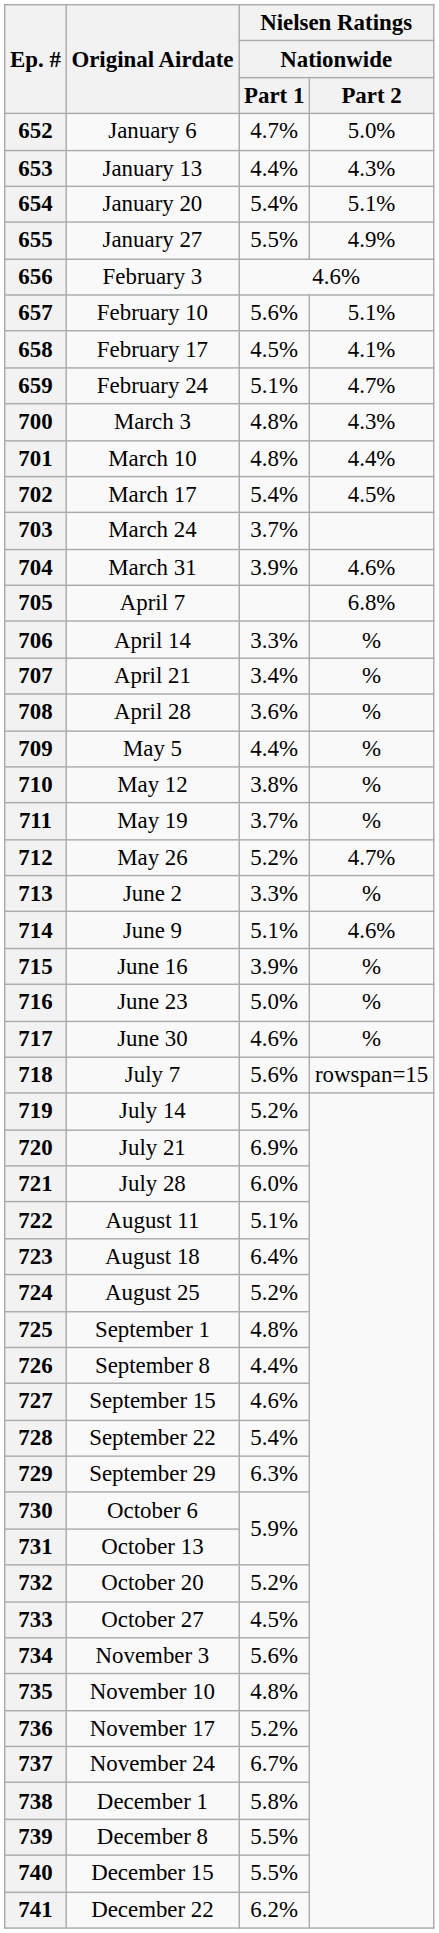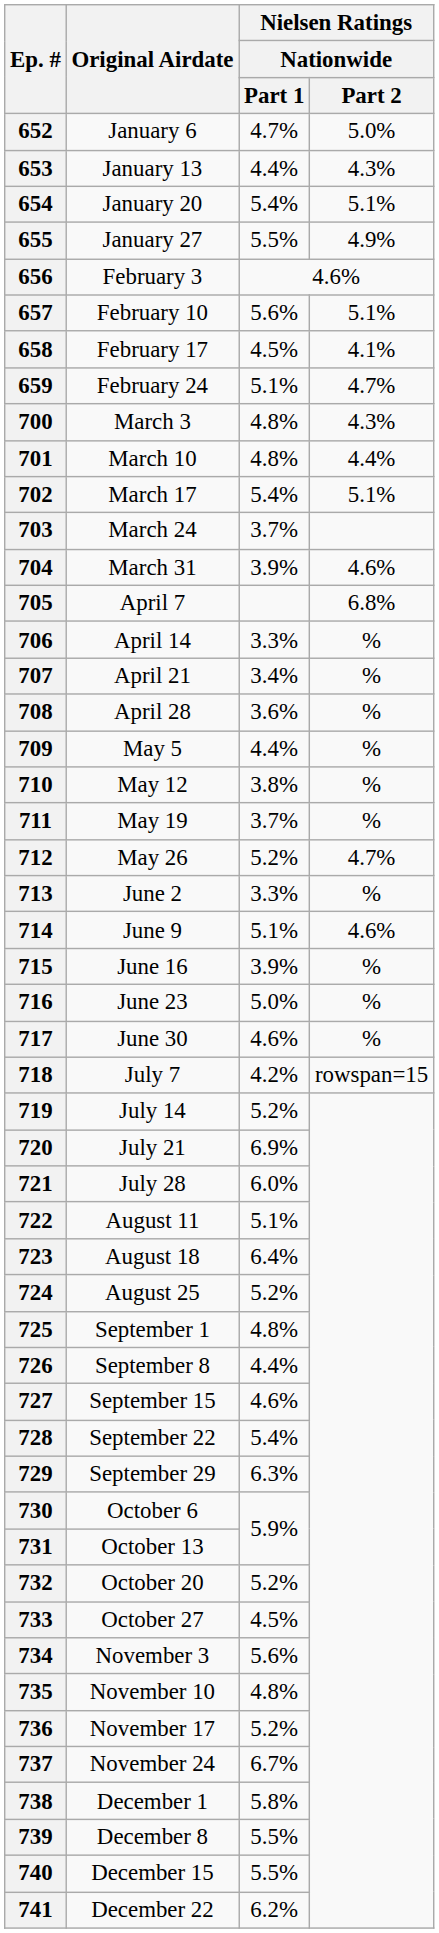 <table class="wikitable" style="text-align:center;">
 <tr>
 <th rowspan=3>Ep. #</th>
 <th rowspan=3>Original Airdate</th>
 <th colspan=2><strong>Nielsen Ratings</strong></th>
 </tr>
 <tr>
 <th colspan=2><strong>Nationwide</strong></th>
 </tr>
 <tr>
 <th>Part 1</th>
 <th>Part 2</th>
 </tr>
 <tr>
 <th>652</th>
 <td>January 6</td>
 <td>4.7%</td>
 <td>5.0%</td>
 </tr>
 <tr>
 <th>653</th>
 <td>January 13</td>
 <td>4.4%</td>
 <td>4.3%</td>
 </tr>
 <tr>
 <th>654</th>
 <td>January 20</td>
 <td>5.4%</td>
 <td>5.1%</td>
 </tr>
 <tr>
 <th>655</th>
 <td>January 27</td>
 <td>5.5%</td>
 <td>4.9%</td>
 </tr>
 <tr>
 <th>656</th>
 <td>February 3</td>
 <td colspan=2>4.6%</td>
 </tr>
 <tr>
 <th>657</th>
 <td>February 10</td>
 <td>5.6%</td>
 <td>5.1%</td>
 </tr>
 <tr>
 <th>658</th>
 <td>February 17</td>
 <td>4.5%</td>
 <td>4.1%</td>
 </tr>
 <tr>
 <th>659</th>
 <td>February 24</td>
 <td>5.1%</td>
 <td>4.7%</td>
 </tr>
 <tr>
 <th>700</th>
 <td>March 3</td>
 <td>4.8%</td>
 <td>4.3%</td>
 </tr>
 <tr>
 <th>701</th>
 <td>March 10</td>
 <td>4.8%</td>
 <td>4.4%</td>
 </tr>
 <tr>
 <th>702</th>
 <td>March 17</td>
 <td>5.4%</td>
-<td>4.5%</td>
+<td>5.1%</td>
 </tr>
 <tr>
 <th>703</th>
 <td>March 24</td>
 <td>3.7%</td>
 <td></td>
 </tr>
 <tr>
 <th>704</th>
 <td>March 31</td>
 <td>3.9%</td>
 <td>4.6%</td>
 </tr>
 <tr>
 <th>705</th>
 <td>April 7</td>
 <td></td>
 <td>6.8%</td>
 </tr>
 <tr>
 <th>706</th>
 <td>April 14</td>
 <td>3.3%</td>
 <td>%</td>
 </tr>
 <tr>
 <th>707</th>
 <td>April 21</td>
 <td>3.4%</td>
 <td>%</td>
 </tr>
 <tr>
 <th>708</th>
 <td>April 28</td>
 <td>3.6%</td>
 <td>%</td>
 </tr>
 <tr>
 <th>709</th>
 <td>May 5</td>
 <td>4.4%</td>
 <td>%</td>
 </tr>
 <tr>
 <th>710</th>
 <td>May 12</td>
 <td>3.8%</td>
 <td>%</td>
 </tr>
 <tr>
 <th>711</th>
 <td>May 19</td>
 <td>3.7%</td>
 <td>%</td>
 </tr>
 <tr>
 <th>712</th>
 <td>May 26</td>
 <td>5.2%</td>
 <td>4.7%</td>
 </tr>
 <tr>
 <th>713</th>
 <td>June 2</td>
 <td>3.3%</td>
 <td>%</td>
 </tr>
 <tr>
 <th>714</th>
 <td>June 9</td>
 <td>5.1%</td>
 <td>4.6%</td>
 </tr>
 <tr>
 <th>715</th>
 <td>June 16</td>
 <td>3.9%</td>
 <td>%</td>
 </tr>
 <tr>
 <th>716</th>
 <td>June 23</td>
 <td>5.0%</td>
 <td>%</td>
 </tr>
 <tr>
 <th>717</th>
 <td>June 30</td>
 <td>4.6%</td>
 <td>%</td>
 </tr>
 <tr>
 <th>718</th>
 <td>July 7</td>
-<td>5.6%</td>
+<td>4.2%</td>
 <td>rowspan=15 </td>
 </tr>
 <tr>
 <th>719</th>
 <td>July 14</td>
 <td>5.2%</td>
 </tr>
 <tr>
 <th>720</th>
 <td>July 21</td>
 <td>6.9%</td>
 </tr>
 <tr>
 <th>721</th>
 <td>July 28</td>
 <td>6.0%</td>
 </tr>
 <tr>
 <th>722</th>
 <td>August 11</td>
 <td>5.1%</td>
 </tr>
 <tr>
 <th>723</th>
 <td>August 18</td>
 <td>6.4%</td>
 </tr>
 <tr>
 <th>724</th>
 <td>August 25</td>
 <td>5.2%</td>
 </tr>
 <tr>
 <th>725</th>
 <td>September 1</td>
 <td>4.8%</td>
 </tr>
 <tr>
 <th>726</th>
 <td>September 8</td>
 <td>4.4%</td>
 </tr>
 <tr>
 <th>727</th>
 <td>September 15</td>
 <td>4.6%</td>
 </tr>
 <tr>
 <th>728</th>
 <td>September 22</td>
 <td>5.4%</td>
 </tr>
 <tr>
 <th>729</th>
 <td>September 29</td>
 <td>6.3%</td>
 </tr>
 <tr>
 <th>730</th>
 <td>October 6</td>
 <td rowspan=2>5.9%</td>
 </tr>
 <tr>
 <th>731</th>
 <td>October 13</td>
 </tr>
 <tr>
 <th>732</th>
 <td>October 20</td>
 <td>5.2%</td>
 </tr>
 <tr>
 <th>733</th>
 <td>October 27</td>
 <td>4.5%</td>
 </tr>
 <tr>
 <th>734</th>
 <td>November 3</td>
 <td>5.6%</td>
 </tr>
 <tr>
 <th>735</th>
 <td>November 10</td>
 <td>4.8%</td>
 </tr>
 <tr>
 <th>736</th>
 <td>November 17</td>
 <td>5.2%</td>
 </tr>
 <tr>
 <th>737</th>
 <td>November 24</td>
 <td>6.7%</td>
 </tr>
 <tr>
 <th>738</th>
 <td>December 1</td>
 <td>5.8%</td>
 </tr>
 <tr>
 <th>739</th>
 <td>December 8</td>
 <td>5.5%</td>
 </tr>
 <tr>
 <th>740</th>
 <td>December 15</td>
 <td>5.5%</td>
 </tr>
 <tr>
 <th>741</th>
 <td>December 22</td>
 <td>6.2%</td>
 </tr>
 </table>
